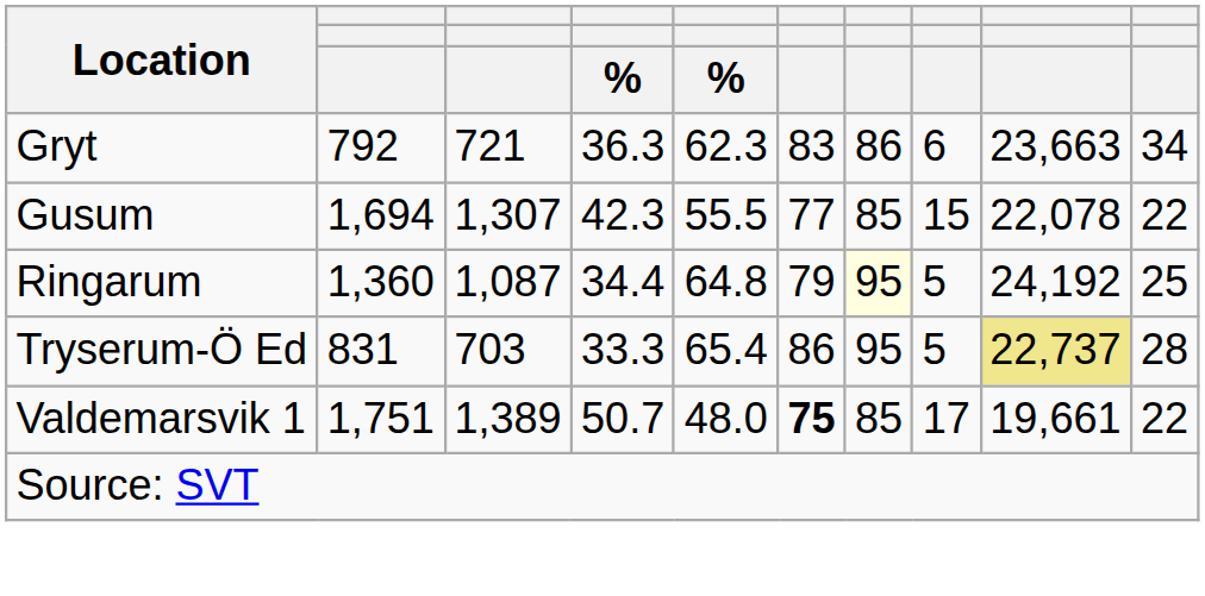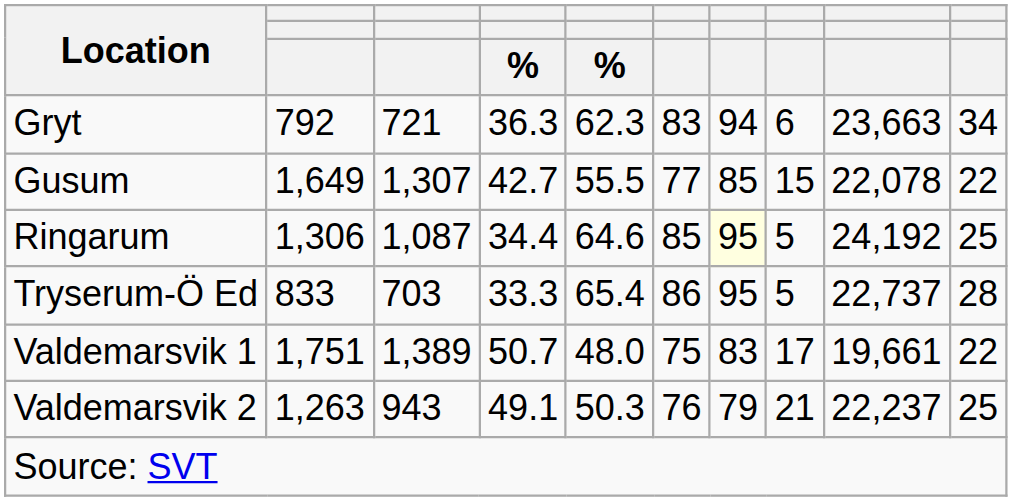 <table role="presentation" class="wikitable sortable mw-collapsible">
 <tr>
 <th rowspan="3">Location</th>
 <th></th>
 <th></th>
 <th></th>
 <th></th>
 <th></th>
 <th></th>
 <th></th>
 <th></th>
 <th></th>
 </tr>
 <tr>
 <th></th>
 <th></th>
 <th style="background:"></th>
 <th style="background:"></th>
 <th></th>
 <th></th>
 <th></th>
 <th></th>
 <th></th>
 </tr>
 <tr>
 <th data-sort-type="number"></th>
 <th data-sort-type="number"></th>
 <th data-sort-type="number">%</th>
 <th data-sort-type="number">%</th>
 <th data-sort-type="number"></th>
 <th data-sort-type="number"></th>
 <th data-sort-type="number"></th>
 <th data-sort-type="number"></th>
 <th data-sort-type="number"></th>
 </tr>
 <tr>
 <td align="left">Gryt</td>
 <td>792</td>
 <td>721</td>
 <td>36.3</td>
 <td>62.3</td>
 <td>83</td>
-<td>86</td>
+<td>94</td>
 <td>6</td>
 <td>23,663</td>
 <td>34</td>
 </tr>
 <tr>
 <td align="left">Gusum</td>
-<td>1,694</td>
+<td>1,649</td>
 <td>1,307</td>
-<td>42.3</td>
+<td>42.7</td>
 <td>55.5</td>
 <td>77</td>
 <td>85</td>
 <td>15</td>
 <td>22,078</td>
 <td>22</td>
 </tr>
 <tr>
 <td align="left">Ringarum</td>
-<td>1,360</td>
+<td>1,306</td>
 <td>1,087</td>
 <td>34.4</td>
-<td>64.8</td>
-<td>79</td>
+<td>64.6</td>
+<td>85</td>
 <td style="background: lightyellow;">95</td>
 <td>5</td>
 <td>24,192</td>
 <td>25</td>
 </tr>
 <tr>
 <td align="left">Tryserum-Ö Ed</td>
-<td>831</td>
+<td>833</td>
 <td>703</td>
 <td>33.3</td>
 <td>65.4</td>
 <td>86</td>
 <td>95</td>
 <td>5</td>
-<td style="background: khaki;">22,737</td>
+<td>22,737</td>
 <td>28</td>
 </tr>
 <tr>
 <td align="left">Valdemarsvik 1</td>
 <td>1,751</td>
 <td>1,389</td>
 <td>50.7</td>
 <td>48.0</td>
-<td><strong>75</strong></td>
-<td>85</td>
+<td>75</td>
+<td>83</td>
 <td>17</td>
 <td>19,661</td>
 <td>22</td>
 </tr>
 <tr>
+<td align="left">Valdemarsvik 2</td>
+<td>1,263</td>
+<td>943</td>
+<td>49.1</td>
+<td>50.3</td>
+<td>76</td>
+<td>79</td>
+<td>21</td>
+<td>22,237</td>
+<td>25</td>
+</tr>
+<tr>
 <td colspan="10" align="left">Source: <a href='#'>SVT</a></td>
 </tr>
 </table>
